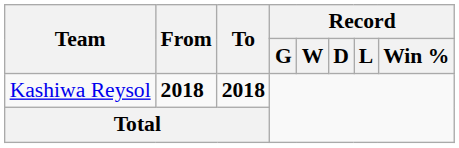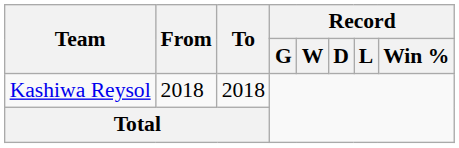 <table class="wikitable" style="text-align: center">
 <tr>
 <th rowspan="2">Team</th>
 <th rowspan="2">From</th>
 <th rowspan="2">To</th>
 <th colspan="5">Record</th>
 </tr>
 <tr>
 <th>G</th>
 <th>W</th>
 <th>D</th>
 <th>L</th>
 <th>Win %</th>
 </tr>
 <tr>
 <td align="left"><a href='#'>Kashiwa Reysol</a></td>
-<td align="left"><strong>2018</strong></td>
-<td align="left"><strong>2018<br></strong></td>
+<td align="left">2018</td>
+<td align="left">2018<br></td>
 </tr>
 <tr>
 <th colspan="3">Total<br></th>
 </tr>
 </table>
